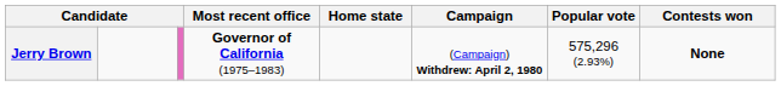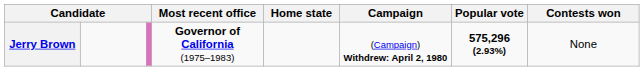 <table class="wikitable sortable" style="text-align:center;">
 <tr>
 <th style="width:200px;" colspan="3">Candidate</th>
 <th style="width:150px;">Most recent office</th>
 <th style="width:100px;">Home state</th>
 <th style="width:150px;">Campaign</th>
 <th style="width:100px;">Popular vote</th>
 <th style="width:150px;">Contests won</th>
 </tr>
 <tr>
 <th scope="row" data-sort-=""><a href='#'>Jerry Brown</a></th>
 <td style="min-width:80px;"></td>
 <td style="background:#e56cbf;"></td>
 <td><strong>Governor of<br><a href='#'>California</a></strong><br><small>(1975–1983)</small></td>
 <td></td>
 <td data-sort-value="0"><br><small>(<a href='#'>Campaign</a>)</small><br><small><strong>Withdrew: April 2, 1980</strong></small></td>
-<td data-sort-value="14,015,993">575,296<br><small>(2.93%)</small></td>
-<td data-sort-value="42"><strong>None</strong></td>
+<td data-sort-value="14,015,993"><strong>575,296<br><small>(2.93%)</small></strong></td>
+<td data-sort-value="42">None</td>
 </tr>
 </table>
